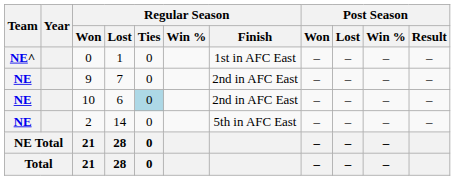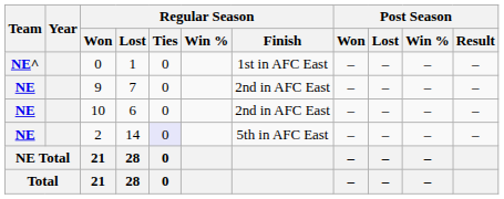 <table class="wikitable" style="font-size: 95%; text-align:center;">
 <tr>
 <th rowspan="2">Team</th>
 <th rowspan="2">Year</th>
 <th colspan="5">Regular Season</th>
 <th colspan="4">Post Season</th>
 </tr>
 <tr>
 <th>Won</th>
 <th>Lost</th>
 <th>Ties</th>
 <th>Win %</th>
 <th>Finish</th>
 <th>Won</th>
 <th>Lost</th>
 <th>Win %</th>
 <th>Result</th>
 </tr>
 <tr>
 <th><a href='#'>NE</a>^</th>
 <th></th>
 <td>0</td>
 <td>1</td>
 <td>0</td>
 <td></td>
 <td>1st in AFC East</td>
 <td>–</td>
 <td>–</td>
 <td>–</td>
 <td>–</td>
 </tr>
 <tr>
 <th><a href='#'>NE</a></th>
 <th></th>
 <td>9</td>
 <td>7</td>
 <td>0</td>
 <td></td>
 <td>2nd in AFC East</td>
 <td>–</td>
 <td>–</td>
 <td>–</td>
 <td>–</td>
 </tr>
 <tr>
 <th><a href='#'>NE</a></th>
 <th></th>
 <td>10</td>
 <td>6</td>
-<td style="background: lightblue;">0</td>
+<td>0</td>
 <td></td>
 <td>2nd in AFC East</td>
 <td>–</td>
 <td>–</td>
 <td>–</td>
 <td>–</td>
 </tr>
 <tr>
 <th><a href='#'>NE</a></th>
 <th></th>
 <td>2</td>
 <td>14</td>
-<td>0</td>
+<td style="background: lavender;">0</td>
 <td></td>
 <td>5th in AFC East</td>
 <td>–</td>
 <td>–</td>
 <td>–</td>
 <td>–</td>
 </tr>
 <tr>
 <th colspan="2">NE Total</th>
 <th>21</th>
 <th>28</th>
 <th>0</th>
 <th></th>
 <th></th>
 <th>–</th>
 <th>–</th>
 <th>–</th>
 <th></th>
 </tr>
 <tr>
 <th colspan="2">Total</th>
 <th>21</th>
 <th>28</th>
 <th>0</th>
 <th></th>
 <th></th>
 <th>–</th>
 <th>–</th>
 <th>–</th>
 <th></th>
 </tr>
 </table>
